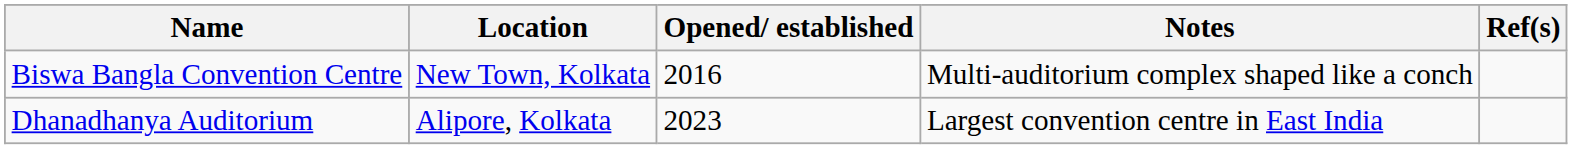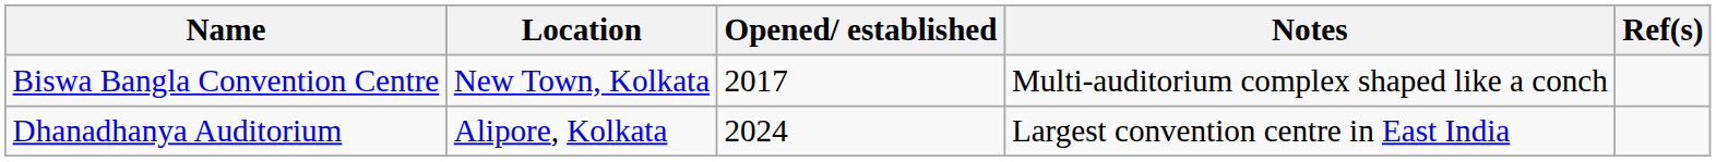 <table class="wikitable">
 <tr>
 <th>Name</th>
 <th>Location</th>
 <th>Opened/ established</th>
 <th>Notes</th>
 <th>Ref(s)</th>
 </tr>
 <tr>
 <td><a href='#'>Biswa Bangla Convention Centre</a></td>
 <td><a href='#'>New Town, Kolkata</a></td>
-<td>2016</td>
+<td>2017</td>
 <td>Multi-auditorium complex shaped like a conch</td>
 <td></td>
 </tr>
 <tr>
 <td><a href='#'>Dhanadhanya Auditorium</a></td>
 <td><a href='#'>Alipore</a>, <a href='#'>Kolkata</a></td>
-<td>2023</td>
+<td>2024</td>
 <td>Largest convention centre in <a href='#'>East India</a></td>
 <td></td>
 </tr>
 </table>
